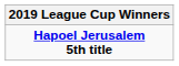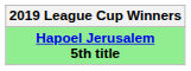 <table class=wikitable style="text-align:center; margin:auto">
 <tr>
 <th>2019 League Cup Winners</th>
 </tr>
 <tr>
-<td><strong><a href='#'>Hapoel Jerusalem</a></strong> <br> <strong>5th title</strong></td>
+<td style="background: lightgreen;"><strong><a href='#'>Hapoel Jerusalem</a></strong> <br> <strong>5th title</strong></td>
 </tr>
 </table>
